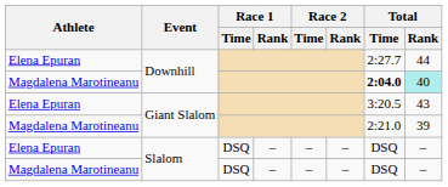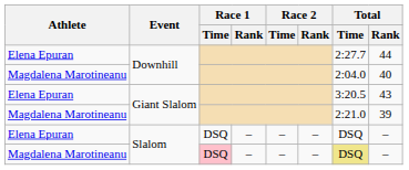 <table class="wikitable" style="font-size:90%">
 <tr>
 <th rowspan="2">Athlete</th>
 <th rowspan="2">Event</th>
 <th colspan="2">Race 1</th>
 <th colspan="2">Race 2</th>
 <th colspan="2">Total</th>
 </tr>
 <tr>
 <th>Time</th>
 <th>Rank</th>
 <th>Time</th>
 <th>Rank</th>
 <th>Time</th>
 <th>Rank</th>
 </tr>
 <tr>
 <td><a href='#'>Elena Epuran</a></td>
 <td rowspan="2">Downhill</td>
 <td colspan="4" bgcolor="wheat"></td>
 <td align="center">2:27.7</td>
 <td align="center">44</td>
 </tr>
 <tr>
 <td><a href='#'>Magdalena Marotineanu</a></td>
 <td colspan="4" bgcolor="wheat"></td>
-<td align="center"><strong>2:04.0</strong></td>
-<td align="center" style="background: paleturquoise;">40</td>
+<td align="center">2:04.0</td>
+<td align="center">40</td>
 </tr>
 <tr>
 <td><a href='#'>Elena Epuran</a></td>
 <td rowspan="2">Giant Slalom</td>
 <td colspan="4" bgcolor="wheat"></td>
 <td align="center">3:20.5</td>
 <td align="center">43</td>
 </tr>
 <tr>
 <td><a href='#'>Magdalena Marotineanu</a></td>
 <td colspan="4" bgcolor="wheat"></td>
 <td align="center">2:21.0</td>
 <td align="center">39</td>
 </tr>
 <tr>
 <td><a href='#'>Elena Epuran</a></td>
 <td rowspan="2">Slalom</td>
 <td align="center">DSQ</td>
 <td align="center">–</td>
 <td align="center">–</td>
 <td align="center">–</td>
 <td align="center">DSQ</td>
 <td align="center">–</td>
 </tr>
 <tr>
 <td><a href='#'>Magdalena Marotineanu</a></td>
-<td align="center">DSQ</td>
+<td align="center" style="background: pink;">DSQ</td>
 <td align="center">–</td>
 <td align="center">–</td>
 <td align="center">–</td>
-<td align="center">DSQ</td>
+<td align="center" style="background: khaki;">DSQ</td>
 <td align="center">–</td>
 </tr>
 </table>
